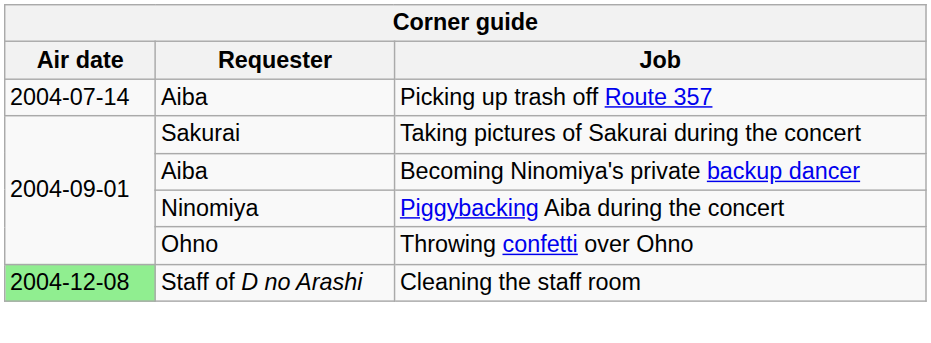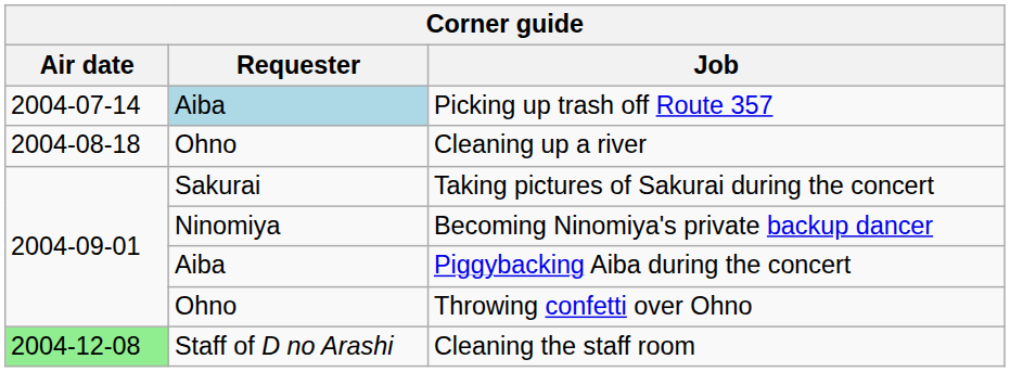 <table class="wikitable collapsible collapsed" style="clear:none; padding:0 auto; width:50%; margin:auto align:left;">
 <tr>
 <th colspan=3>Corner guide</th>
 </tr>
 <tr>
 <th style="width:6em;">Air date</th>
 <th>Requester</th>
 <th>Job</th>
 </tr>
 <tr>
 <td>2004-07-14</td>
-<td>Aiba</td>
+<td style="background: lightblue;">Aiba</td>
 <td>Picking up trash off <a href='#'>Route 357</a></td>
+</tr>
+<tr>
+<td>2004-08-18</td>
+<td>Ohno</td>
+<td>Cleaning up a river</td>
 </tr>
 <tr>
 <td rowspan="4">2004-09-01</td>
 <td>Sakurai</td>
 <td>Taking pictures of Sakurai during the concert</td>
 </tr>
 <tr>
-<td>Aiba</td>
+<td>Ninomiya</td>
 <td>Becoming Ninomiya's private <a href='#'>backup dancer</a></td>
 </tr>
 <tr>
-<td>Ninomiya</td>
+<td>Aiba</td>
 <td><a href='#'>Piggybacking</a> Aiba during the concert</td>
 </tr>
 <tr>
 <td>Ohno</td>
 <td>Throwing <a href='#'>confetti</a> over Ohno</td>
 </tr>
 <tr>
 <td style="background: lightgreen;">2004-12-08</td>
 <td>Staff of <em>D no Arashi</em></td>
 <td>Cleaning the staff room</td>
 </tr>
 </table>
